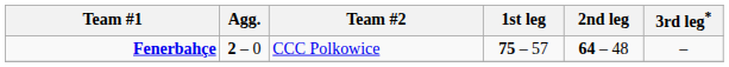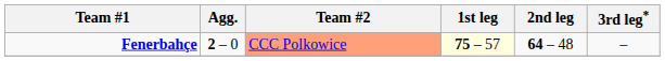 <table class=wikitable style="text-align:center">
 <tr>
 <th width=200>Team #1</th>
 <th width=40>Agg.</th>
 <th width=200>Team #2</th>
 <th width=70>1st leg</th>
 <th width=70>2nd leg</th>
 <th width=70>3rd leg<sup>*</sup></th>
 </tr>
 <tr>
 <td align=right><strong><a href='#'>Fenerbahçe</a></strong> </td>
 <td><strong>2</strong> – 0</td>
-<td align=left> <a href='#'>CCC Polkowice</a></td>
-<td><strong>75</strong> – 57</td>
+<td align=left style="background: lightsalmon;"> <a href='#'>CCC Polkowice</a></td>
+<td style="background: lightyellow;"><strong>75</strong> – 57</td>
 <td><strong>64</strong> – 48</td>
 <td>–</td>
 </tr>
 <tr>
 </tr>
 </table>
